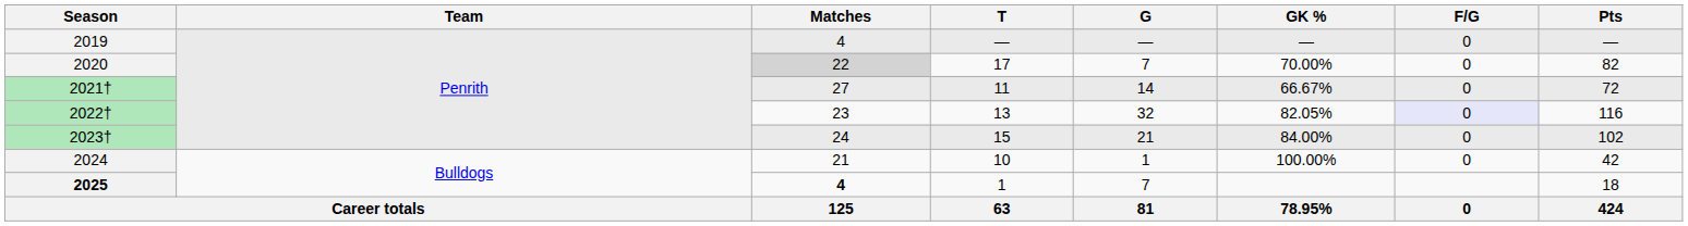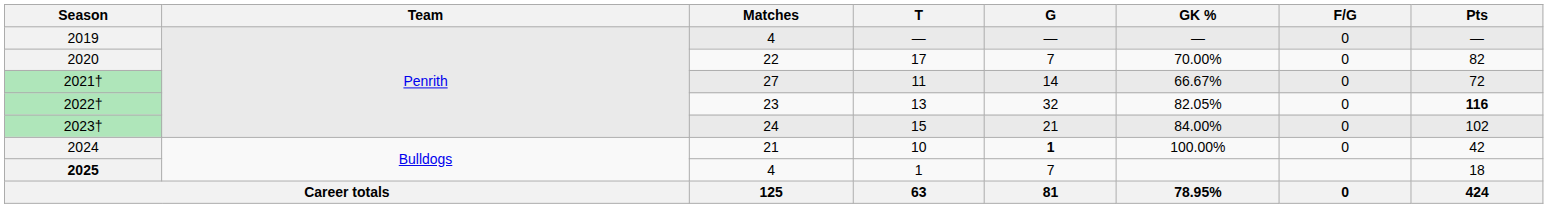 <table class="wikitable sortable" style="font-size:90%; text-align:center; width:80%;">
 <tr>
 <th width="2%">Season</th>
 <th width="8%">Team</th>
 <th width="2%">Matches</th>
 <th width="2%">T</th>
 <th width="2%">G</th>
 <th width="2%">GK %</th>
 <th width="2%">F/G</th>
 <th width="2%">Pts</th>
 </tr>
 <tr style="background:#eaeaea;">
 <th scope="row" style="text-align:center; font-weight:normal">2019</th>
 <td rowspan="5" style="text-align:center;"> <a href='#'>Penrith</a></td>
 <td>4</td>
 <td>—</td>
 <td>—</td>
 <td>—</td>
 <td>0</td>
 <td>—</td>
 </tr>
 <tr>
 <th scope="row" style="text-align:center; font-weight:normal">2020</th>
-<td style="background: lightgrey;">22</td>
+<td>22</td>
 <td>17</td>
 <td>7</td>
 <td>70.00%</td>
 <td>0</td>
 <td>82</td>
 </tr>
 <tr style="background:#eaeaea;">
 <th scope="row" style="text-align:center; font-weight:normal; background:#afe6ba;">2021†</th>
 <td>27</td>
 <td>11</td>
 <td>14</td>
 <td>66.67%</td>
 <td>0</td>
 <td>72</td>
 </tr>
 <tr>
 <th scope="row" style="text-align:center; font-weight:normal; background:#afe6ba;">2022†</th>
 <td>23</td>
 <td>13</td>
 <td>32</td>
 <td>82.05%</td>
-<td style="background: lavender;">0</td>
-<td>116</td>
+<td>0</td>
+<td><strong>116</strong></td>
 </tr>
 <tr style="background:#eaeaea;">
 <th scope="row" style="text-align:center; font-weight:normal; background:#afe6ba;">2023†</th>
 <td>24</td>
 <td>15</td>
 <td>21</td>
 <td>84.00%</td>
 <td>0</td>
 <td>102</td>
 </tr>
 <tr>
 <th scope="row" style="text-align:center; font-weight:normal">2024</th>
 <td rowspan="2"> <a href='#'>Bulldogs</a></td>
 <td>21</td>
 <td>10</td>
-<td>1</td>
+<td><strong>1</strong></td>
 <td>100.00%</td>
 <td>0</td>
 <td>42</td>
 </tr>
 <tr>
 <th>2025</th>
-<td><strong>4</strong></td>
+<td>4</td>
 <td>1</td>
 <td>7</td>
 <td></td>
 <td></td>
 <td>18</td>
 </tr>
 <tr class="sortbottom">
 <th colspan="2">Career totals</th>
 <th>125</th>
 <th>63</th>
 <th>81</th>
 <th>78.95%</th>
 <th>0</th>
 <th>424</th>
 </tr>
 </table>
